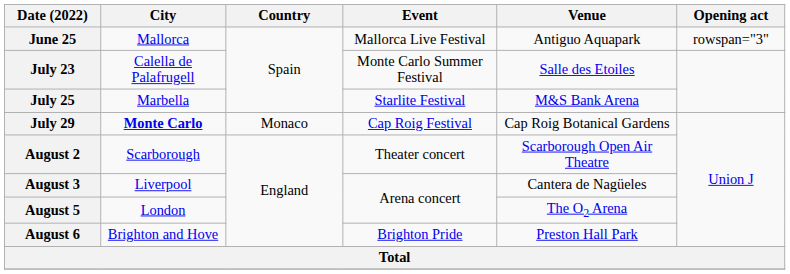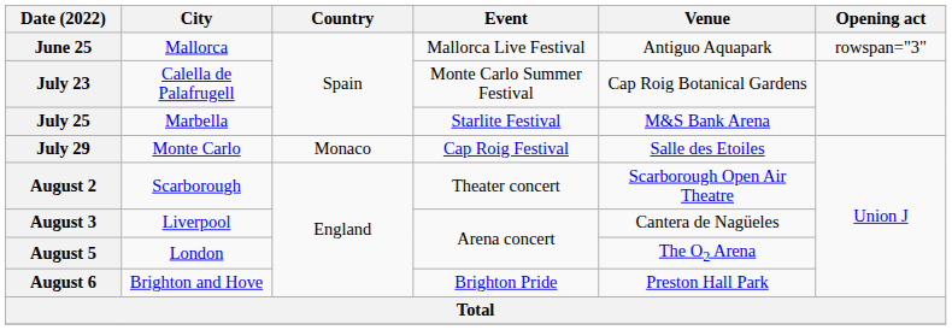 <table class="wikitable plainrowheaders" style="text-align:center;">
 <tr>
 <th scope="col" style="width:8em;">Date (2022)</th>
 <th scope="col" style="width:10em;">City</th>
 <th scope="col" style="width:10em;">Country</th>
 <th scope="col" style="width:14em;">Event</th>
 <th scope="col" style="width:16em;">Venue</th>
 <th scope="col" style="width:8em;">Opening act</th>
 </tr>
 <tr>
 <th scope="row" style="text-align:center;">June 25</th>
 <td><a href='#'>Mallorca</a></td>
 <td rowspan="3">Spain</td>
 <td>Mallorca Live Festival</td>
 <td>Antiguo Aquapark</td>
 <td>rowspan="3" </td>
 </tr>
 <tr>
 <th scope="row" style="text-align:center;">July 23</th>
 <td><a href='#'>Calella de Palafrugell</a></td>
 <td>Monte Carlo Summer Festival</td>
-<td><a href='#'>Salle des Etoiles</a></td>
+<td>Cap Roig Botanical Gardens</td>
 </tr>
 <tr>
 <th scope="row" style="text-align:center;">July 25</th>
 <td><a href='#'>Marbella</a></td>
 <td><a href='#'>Starlite Festival</a></td>
 <td><a href='#'>M&S Bank Arena</a></td>
 </tr>
 <tr>
 <th scope="row" style="text-align:center;">July 29</th>
-<td><strong><a href='#'>Monte Carlo</a></strong></td>
+<td><a href='#'>Monte Carlo</a></td>
 <td>Monaco</td>
 <td><a href='#'>Cap Roig Festival</a></td>
-<td>Cap Roig Botanical Gardens</td>
+<td><a href='#'>Salle des Etoiles</a></td>
 <td rowspan="5"><a href='#'>Union J</a></td>
 </tr>
 <tr>
 <th scope="row" style="text-align:center;">August 2</th>
 <td><a href='#'>Scarborough</a></td>
 <td rowspan="4">England</td>
 <td>Theater concert</td>
 <td><a href='#'>Scarborough Open Air Theatre</a></td>
 </tr>
 <tr>
 <th scope="row" style="text-align:center;">August 3</th>
 <td><a href='#'>Liverpool</a></td>
 <td rowspan="2">Arena concert</td>
 <td>Cantera de Nagüeles</td>
 </tr>
 <tr>
 <th scope="row" style="text-align:center;">August 5</th>
 <td><a href='#'>London</a></td>
 <td><a href='#'>The O<sub>2</sub> Arena</a></td>
 </tr>
 <tr>
 <th scope="row" style="text-align:center;">August 6</th>
 <td><a href='#'>Brighton and Hove</a></td>
 <td><a href='#'>Brighton Pride</a></td>
 <td><a href='#'>Preston Hall Park</a></td>
 </tr>
 <tr>
 <th colspan="6"><strong>Total</strong></th>
 </tr>
 <tr>
 </tr>
 </table>
